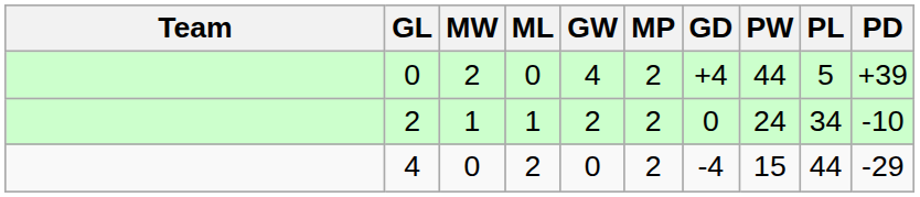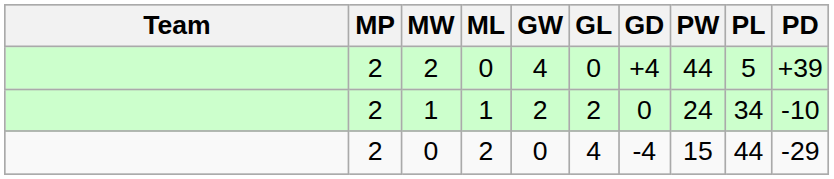 <table class=wikitable style="text-align:center">
 <tr>
 <th width=200>Team</th>
-<th width=20>GL</th>
+<th width=20>MP</th>
 <th width=20>MW</th>
 <th width=20>ML</th>
 <th width=20>GW</th>
-<th width=20>MP</th>
+<th width=20>GL</th>
 <th width=20>GD</th>
 <th width=20>PW</th>
 <th width=20>PL</th>
 <th width=20>PD</th>
 </tr>
 <tr style="background:#cfc;">
 <td align=left><br></td>
-<td>0</td>
+<td>2</td>
 <td>2</td>
 <td>0</td>
 <td>4</td>
-<td>2</td>
+<td>0</td>
 <td>+4</td>
 <td>44</td>
 <td>5</td>
 <td>+39</td>
 </tr>
 <tr style="background:#cfc;">
 <td align=left><br></td>
 <td>2</td>
 <td>1</td>
 <td>1</td>
 <td>2</td>
 <td>2</td>
 <td>0</td>
 <td>24</td>
 <td>34</td>
 <td>-10</td>
 </tr>
 <tr>
 <td align=left><br></td>
-<td>4</td>
+<td>2</td>
 <td>0</td>
 <td>2</td>
 <td>0</td>
-<td>2</td>
+<td>4</td>
 <td>-4</td>
 <td>15</td>
 <td>44</td>
 <td>-29</td>
 </tr>
 </table>
